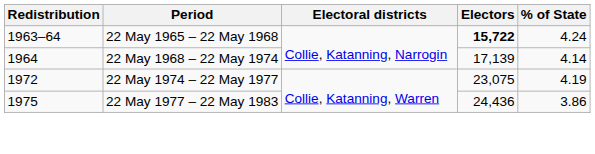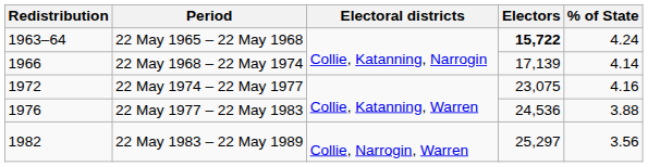 <table class="wikitable">
 <tr>
 <th>Redistribution</th>
 <th>Period</th>
 <th>Electoral districts</th>
 <th>Electors</th>
 <th>% of State</th>
 </tr>
 <tr>
 <td>1963–64</td>
 <td>22 May 1965 – 22 May 1968</td>
 <td rowspan=2 width = 200><br><a href='#'>Collie</a>, <a href='#'>Katanning</a>,  <a href='#'>Narrogin</a></td>
 <td align=right><strong>15,722</strong></td>
 <td align=right>4.24</td>
 </tr>
 <tr>
-<td>1964</td>
+<td>1966</td>
 <td>22 May 1968 – 22 May 1974</td>
 <td align=right>17,139</td>
 <td align=right>4.14</td>
 </tr>
 <tr>
 <td>1972</td>
 <td>22 May 1974 – 22 May 1977</td>
 <td rowspan=2 width = 200><br><a href='#'>Collie</a>, <a href='#'>Katanning</a>,  <a href='#'>Warren</a></td>
 <td align=right>23,075</td>
-<td align=right>4.19</td>
+<td align=right>4.16</td>
 </tr>
 <tr>
-<td>1975</td>
+<td>1976</td>
 <td>22 May 1977 – 22 May 1983</td>
-<td align=right>24,436</td>
-<td align=right>3.86</td>
+<td align=right>24,536</td>
+<td align=right>3.88</td>
+</tr>
+<tr>
+<td>1982</td>
+<td>22 May 1983 – 22 May 1989</td>
+<td width=200><br><a href='#'>Collie</a>, <a href='#'>Narrogin</a>,  <a href='#'>Warren</a></td>
+<td align=right>25,297</td>
+<td align=right>3.56</td>
 </tr>
 </table>
